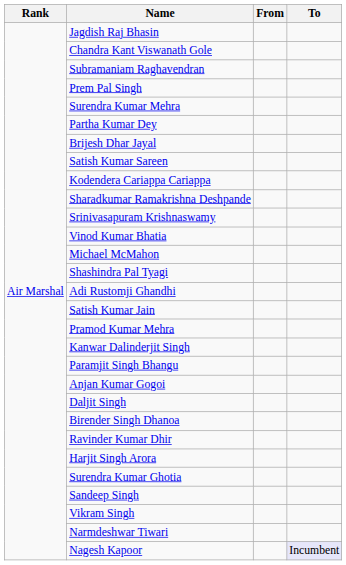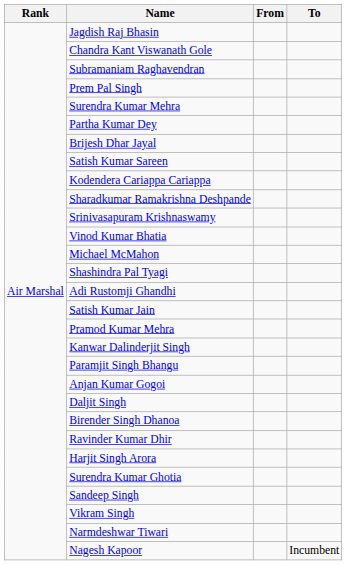 <table class="wikitable sortable">
 <tr>
 <th>Rank</th>
 <th>Name</th>
 <th>From</th>
 <th>To</th>
 </tr>
 <tr>
 <td rowspan="29"><a href='#'>Air Marshal</a></td>
 <td><a href='#'>Jagdish Raj Bhasin</a></td>
 <td></td>
 <td></td>
 </tr>
 <tr>
 <td><a href='#'>Chandra Kant Viswanath Gole</a></td>
 <td></td>
 <td></td>
 </tr>
 <tr>
 <td><a href='#'>Subramaniam Raghavendran</a></td>
 <td></td>
 <td></td>
 </tr>
 <tr>
 <td><a href='#'>Prem Pal Singh</a></td>
 <td></td>
 <td></td>
 </tr>
 <tr>
 <td><a href='#'>Surendra Kumar Mehra</a></td>
 <td></td>
 <td></td>
 </tr>
 <tr>
 <td><a href='#'>Partha Kumar Dey</a></td>
 <td></td>
 <td></td>
 </tr>
 <tr>
 <td><a href='#'>Brijesh Dhar Jayal</a></td>
 <td></td>
 <td></td>
 </tr>
 <tr>
 <td><a href='#'>Satish Kumar Sareen</a></td>
 <td></td>
 <td></td>
 </tr>
 <tr>
 <td><a href='#'>Kodendera Cariappa Cariappa</a></td>
 <td></td>
 <td></td>
 </tr>
 <tr>
 <td><a href='#'>Sharadkumar Ramakrishna Deshpande</a></td>
 <td></td>
 <td></td>
 </tr>
 <tr>
 <td><a href='#'>Srinivasapuram Krishnaswamy</a></td>
 <td></td>
 <td></td>
 </tr>
 <tr>
 <td><a href='#'>Vinod Kumar Bhatia</a></td>
 <td></td>
 <td></td>
 </tr>
 <tr>
 <td><a href='#'>Michael McMahon</a></td>
 <td></td>
 <td></td>
 </tr>
 <tr>
 <td><a href='#'>Shashindra Pal Tyagi</a></td>
 <td></td>
 <td></td>
 </tr>
 <tr>
 <td><a href='#'>Adi Rustomji Ghandhi</a></td>
 <td></td>
 <td></td>
 </tr>
 <tr>
 <td><a href='#'>Satish Kumar Jain</a></td>
 <td></td>
 <td></td>
 </tr>
 <tr>
 <td><a href='#'>Pramod Kumar Mehra</a></td>
 <td></td>
 <td></td>
 </tr>
 <tr>
 <td><a href='#'>Kanwar Dalinderjit Singh</a></td>
 <td></td>
 <td></td>
 </tr>
 <tr>
 <td><a href='#'>Paramjit Singh Bhangu</a></td>
 <td></td>
 <td></td>
 </tr>
 <tr>
 <td><a href='#'>Anjan Kumar Gogoi</a></td>
 <td></td>
 <td></td>
 </tr>
 <tr>
 <td><a href='#'>Daljit Singh</a></td>
 <td></td>
 <td></td>
 </tr>
 <tr>
 <td><a href='#'>Birender Singh Dhanoa</a></td>
 <td></td>
 <td></td>
 </tr>
 <tr>
 <td><a href='#'>Ravinder Kumar Dhir</a></td>
 <td></td>
 <td></td>
 </tr>
 <tr>
 <td><a href='#'>Harjit Singh Arora</a></td>
 <td></td>
 <td></td>
 </tr>
 <tr>
 <td><a href='#'>Surendra Kumar Ghotia</a></td>
 <td></td>
 <td></td>
 </tr>
 <tr>
 <td><a href='#'>Sandeep Singh</a></td>
 <td></td>
 <td></td>
 </tr>
 <tr>
 <td><a href='#'>Vikram Singh</a></td>
 <td></td>
 <td></td>
 </tr>
 <tr>
 <td><a href='#'>Narmdeshwar Tiwari</a></td>
 <td></td>
 <td></td>
 </tr>
 <tr>
 <td><a href='#'>Nagesh Kapoor</a></td>
 <td></td>
-<td style="background: lavender;">Incumbent</td>
+<td>Incumbent</td>
 </tr>
 </table>
